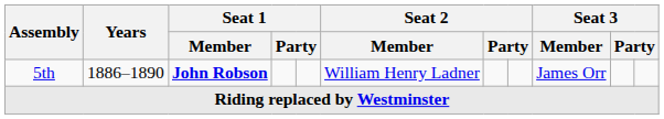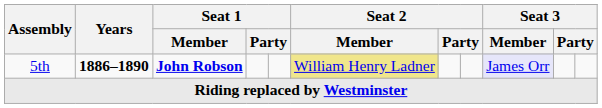 <table class="wikitable">
 <tr>
 <th rowspan="2">Assembly</th>
 <th rowspan="2">Years</th>
 <th colspan="3">Seat 1</th>
 <th colspan="3">Seat 2</th>
 <th colspan="3">Seat 3</th>
 </tr>
 <tr>
 <th>Member</th>
 <th colspan="2">Party</th>
 <th>Member</th>
 <th colspan="2">Party</th>
 <th>Member</th>
 <th colspan="2">Party</th>
 </tr>
 <tr>
 <td style="text-align:center;"><a href='#'>5th</a></td>
-<td>1886–1890</td>
+<td><strong>1886–1890</strong></td>
 <td><strong><a href='#'>John Robson</a></strong></td>
 <td></td>
 <td></td>
-<td><a href='#'>William Henry Ladner</a></td>
+<td style="background: khaki;"><a href='#'>William Henry Ladner</a></td>
 <td></td>
 <td></td>
-<td><a href='#'>James Orr</a></td>
+<td style="background: lavender;"><a href='#'>James Orr</a></td>
 <td></td>
 <td></td>
 </tr>
 <tr>
 <td colspan="11" style="background-color:#E9E9E9; text-align:center;"><strong>Riding replaced by <a href='#'>Westminster</a></strong></td>
 </tr>
 </table>
